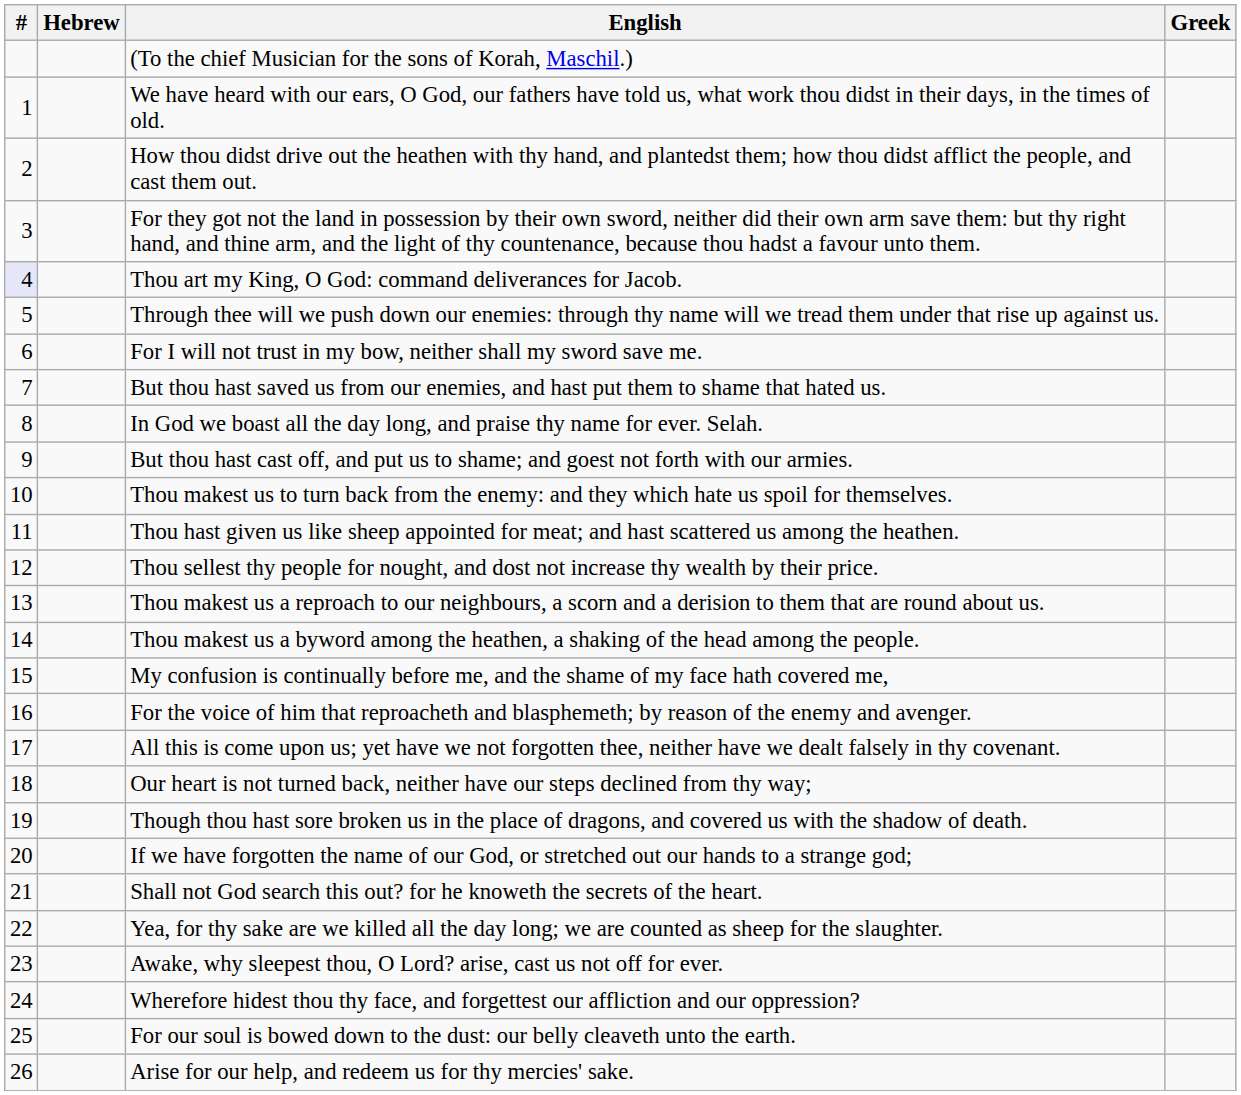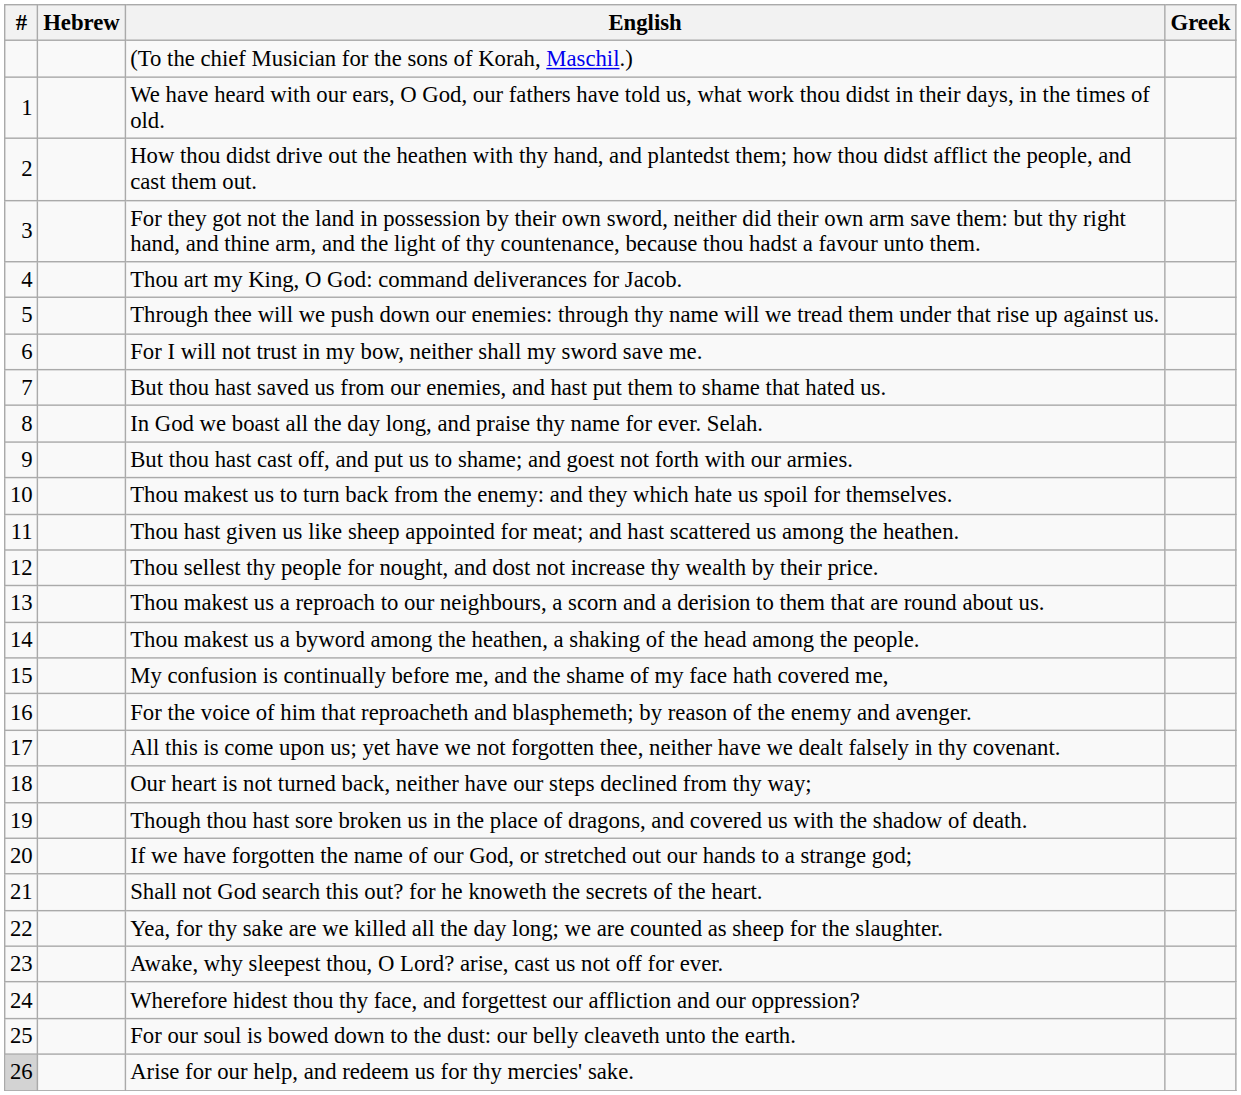 <table class=wikitable>
 <tr>
 <th>#</th>
 <th>Hebrew</th>
 <th>English</th>
 <th>Greek</th>
 </tr>
 <tr>
 <td style="text-align:right"></td>
 <td style="text-align:right"></td>
 <td>(To the chief Musician for the sons of Korah, <a href='#'>Maschil</a>.)</td>
 <td></td>
 </tr>
 <tr>
 <td style="text-align:right">1</td>
 <td style="text-align:right"></td>
 <td>We have heard with our ears, O God, our fathers have told us, what work thou didst in their days, in the times of old.</td>
 <td></td>
 </tr>
 <tr>
 <td style="text-align:right">2</td>
 <td style="text-align:right"></td>
 <td>How thou didst drive out the heathen with thy hand, and plantedst them; how thou didst afflict the people, and cast them out.</td>
 <td></td>
 </tr>
 <tr>
 <td style="text-align:right">3</td>
 <td style="text-align:right"></td>
 <td>For they got not the land in possession by their own sword, neither did their own arm save them: but thy right hand, and thine arm, and the light of thy countenance, because thou hadst a favour unto them.</td>
 <td></td>
 </tr>
 <tr>
-<td style="background: lavender; text-align:right">4</td>
+<td style="text-align:right">4</td>
 <td style="text-align:right"></td>
 <td>Thou art my King, O God: command deliverances for Jacob.</td>
 <td></td>
 </tr>
 <tr>
 <td style="text-align:right">5</td>
 <td style="text-align:right"></td>
 <td>Through thee will we push down our enemies: through thy name will we tread them under that rise up against us.</td>
 <td></td>
 </tr>
 <tr>
 <td style="text-align:right">6</td>
 <td style="text-align:right"></td>
 <td>For I will not trust in my bow, neither shall my sword save me.</td>
 <td></td>
 </tr>
 <tr>
 <td style="text-align:right">7</td>
 <td style="text-align:right"></td>
 <td>But thou hast saved us from our enemies, and hast put them to shame that hated us.</td>
 <td></td>
 </tr>
 <tr>
 <td style="text-align:right">8</td>
 <td style="text-align:right"></td>
 <td>In God we boast all the day long, and praise thy name for ever. Selah.</td>
 <td></td>
 </tr>
 <tr>
 <td style="text-align:right">9</td>
 <td style="text-align:right"></td>
 <td>But thou hast cast off, and put us to shame; and goest not forth with our armies.</td>
 <td></td>
 </tr>
 <tr>
 <td style="text-align:right">10</td>
 <td style="text-align:right"></td>
 <td>Thou makest us to turn back from the enemy: and they which hate us spoil for themselves.</td>
 <td></td>
 </tr>
 <tr>
 <td style="text-align:right">11</td>
 <td style="text-align:right"></td>
 <td>Thou hast given us like sheep appointed for meat; and hast scattered us among the heathen.</td>
 <td></td>
 </tr>
 <tr>
 <td style="text-align:right">12</td>
 <td style="text-align:right"></td>
 <td>Thou sellest thy people for nought, and dost not increase thy wealth by their price.</td>
 <td></td>
 </tr>
 <tr>
 <td style="text-align:right">13</td>
 <td style="text-align:right"></td>
 <td>Thou makest us a reproach to our neighbours, a scorn and a derision to them that are round about us.</td>
 <td></td>
 </tr>
 <tr>
 <td style="text-align:right">14</td>
 <td style="text-align:right"></td>
 <td>Thou makest us a byword among the heathen, a shaking of the head among the people.</td>
 <td></td>
 </tr>
 <tr>
 <td style="text-align:right">15</td>
 <td style="text-align:right"></td>
 <td>My confusion is continually before me, and the shame of my face hath covered me,</td>
 <td></td>
 </tr>
 <tr>
 <td style="text-align:right">16</td>
 <td style="text-align:right"></td>
 <td>For the voice of him that reproacheth and blasphemeth; by reason of the enemy and avenger.</td>
 <td></td>
 </tr>
 <tr>
 <td style="text-align:right">17</td>
 <td style="text-align:right"></td>
 <td>All this is come upon us; yet have we not forgotten thee, neither have we dealt falsely in thy covenant.</td>
 <td></td>
 </tr>
 <tr>
 <td style="text-align:right">18</td>
 <td style="text-align:right"></td>
 <td>Our heart is not turned back, neither have our steps declined from thy way;</td>
 <td></td>
 </tr>
 <tr>
 <td style="text-align:right">19</td>
 <td style="text-align:right"></td>
 <td>Though thou hast sore broken us in the place of dragons, and covered us with the shadow of death.</td>
 <td></td>
 </tr>
 <tr>
 <td style="text-align:right">20</td>
 <td style="text-align:right"></td>
 <td>If we have forgotten the name of our God, or stretched out our hands to a strange god;</td>
 <td></td>
 </tr>
 <tr>
 <td style="text-align:right">21</td>
 <td style="text-align:right"></td>
 <td>Shall not God search this out? for he knoweth the secrets of the heart.</td>
 <td></td>
 </tr>
 <tr>
 <td style="text-align:right">22</td>
 <td style="text-align:right"></td>
 <td>Yea, for thy sake are we killed all the day long; we are counted as sheep for the slaughter.</td>
 <td></td>
 </tr>
 <tr>
 <td style="text-align:right">23</td>
 <td style="text-align:right"></td>
 <td>Awake, why sleepest thou, O Lord? arise, cast us not off for ever.</td>
 <td></td>
 </tr>
 <tr>
 <td style="text-align:right">24</td>
 <td style="text-align:right"></td>
 <td>Wherefore hidest thou thy face, and forgettest our affliction and our oppression?</td>
 <td></td>
 </tr>
 <tr>
 <td style="text-align:right">25</td>
 <td style="text-align:right"></td>
 <td>For our soul is bowed down to the dust: our belly cleaveth unto the earth.</td>
 <td></td>
 </tr>
 <tr>
-<td style="text-align:right">26</td>
+<td style="background: lightgrey; text-align:right">26</td>
 <td style="text-align:right"></td>
 <td>Arise for our help, and redeem us for thy mercies' sake.</td>
 <td></td>
 </tr>
 <tr>
 </tr>
 </table>
